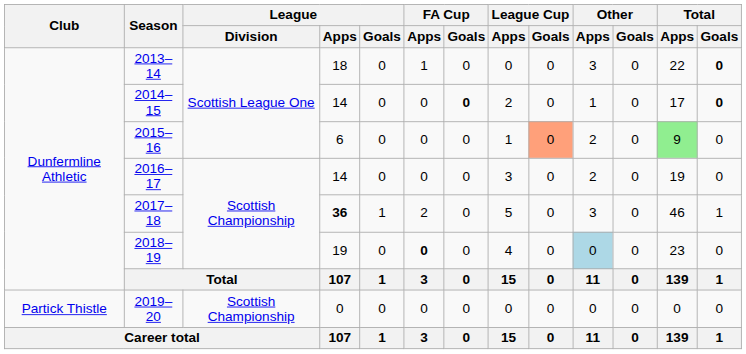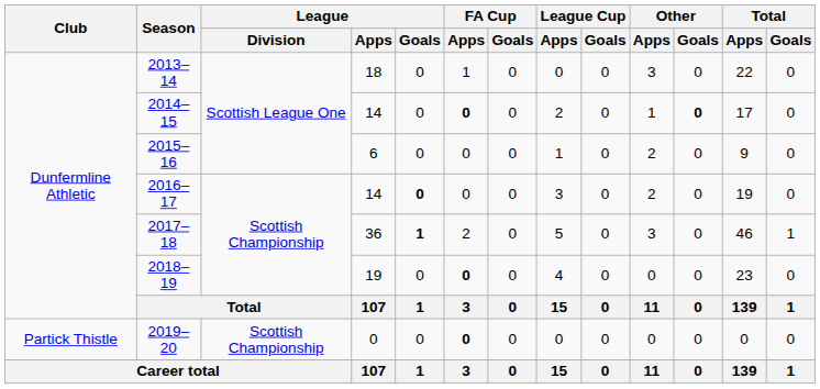 <table class="wikitable" style="text-align: center">
 <tr>
 <th rowspan="2">Club</th>
 <th rowspan="2">Season</th>
 <th colspan="3">League</th>
 <th colspan="2">FA Cup</th>
 <th colspan="2">League Cup</th>
 <th colspan="2">Other</th>
 <th colspan="2">Total</th>
 </tr>
 <tr>
 <th>Division</th>
 <th>Apps</th>
 <th>Goals</th>
 <th>Apps</th>
 <th>Goals</th>
 <th>Apps</th>
 <th>Goals</th>
 <th>Apps</th>
 <th>Goals</th>
 <th>Apps</th>
 <th>Goals</th>
 </tr>
 <tr>
 <td rowspan="7"><a href='#'>Dunfermline Athletic</a></td>
 <td><a href='#'>2013–14</a></td>
 <td rowspan="3"><a href='#'>Scottish League One</a></td>
 <td>18</td>
 <td>0</td>
 <td>1</td>
 <td>0</td>
 <td>0</td>
 <td>0</td>
 <td>3</td>
 <td>0</td>
 <td>22</td>
-<td><strong>0</strong></td>
+<td>0</td>
 </tr>
 <tr>
 <td><a href='#'>2014–15</a></td>
 <td>14</td>
 <td>0</td>
+<td><strong>0</strong></td>
 <td>0</td>
-<td><strong>0</strong></td>
 <td>2</td>
 <td>0</td>
 <td>1</td>
+<td><strong>0</strong></td>
+<td>17</td>
 <td>0</td>
-<td>17</td>
-<td><strong>0</strong></td>
 </tr>
 <tr>
 <td><a href='#'>2015–16</a></td>
 <td>6</td>
 <td>0</td>
 <td>0</td>
 <td>0</td>
 <td>1</td>
-<td style="background: lightsalmon;">0</td>
+<td>0</td>
 <td>2</td>
 <td>0</td>
-<td style="background: lightgreen;">9</td>
+<td>9</td>
 <td>0</td>
 </tr>
 <tr>
 <td><a href='#'>2016–17</a></td>
 <td rowspan="3"><a href='#'>Scottish Championship</a></td>
 <td>14</td>
-<td>0</td>
+<td><strong>0</strong></td>
 <td>0</td>
 <td>0</td>
 <td>3</td>
 <td>0</td>
 <td>2</td>
 <td>0</td>
 <td>19</td>
 <td>0</td>
 </tr>
 <tr>
 <td><a href='#'>2017–18</a></td>
-<td><strong>36</strong></td>
-<td>1</td>
+<td>36</td>
+<td><strong>1</strong></td>
 <td>2</td>
 <td>0</td>
 <td>5</td>
 <td>0</td>
 <td>3</td>
 <td>0</td>
 <td>46</td>
 <td>1</td>
 </tr>
 <tr>
 <td><a href='#'>2018–19</a></td>
 <td>19</td>
 <td>0</td>
 <td><strong>0</strong></td>
 <td>0</td>
 <td>4</td>
 <td>0</td>
-<td style="background: lightblue;">0</td>
+<td>0</td>
 <td>0</td>
 <td>23</td>
 <td>0</td>
 </tr>
 <tr>
 <th colspan="2">Total</th>
 <th>107</th>
 <th>1</th>
 <th>3</th>
 <th>0</th>
 <th>15</th>
 <th>0</th>
 <th>11</th>
 <th>0</th>
 <th>139</th>
 <th>1</th>
 </tr>
 <tr>
 <td><a href='#'>Partick Thistle</a></td>
 <td><a href='#'>2019–20</a></td>
 <td><a href='#'>Scottish Championship</a></td>
 <td>0</td>
 <td>0</td>
-<td>0</td>
+<td><strong>0</strong></td>
 <td>0</td>
 <td>0</td>
 <td>0</td>
 <td>0</td>
 <td>0</td>
 <td>0</td>
 <td>0</td>
 </tr>
 <tr>
 <th colspan="3">Career total</th>
 <th>107</th>
 <th>1</th>
 <th>3</th>
 <th>0</th>
 <th>15</th>
 <th>0</th>
 <th>11</th>
 <th>0</th>
 <th>139</th>
 <th>1</th>
 </tr>
 </table>
